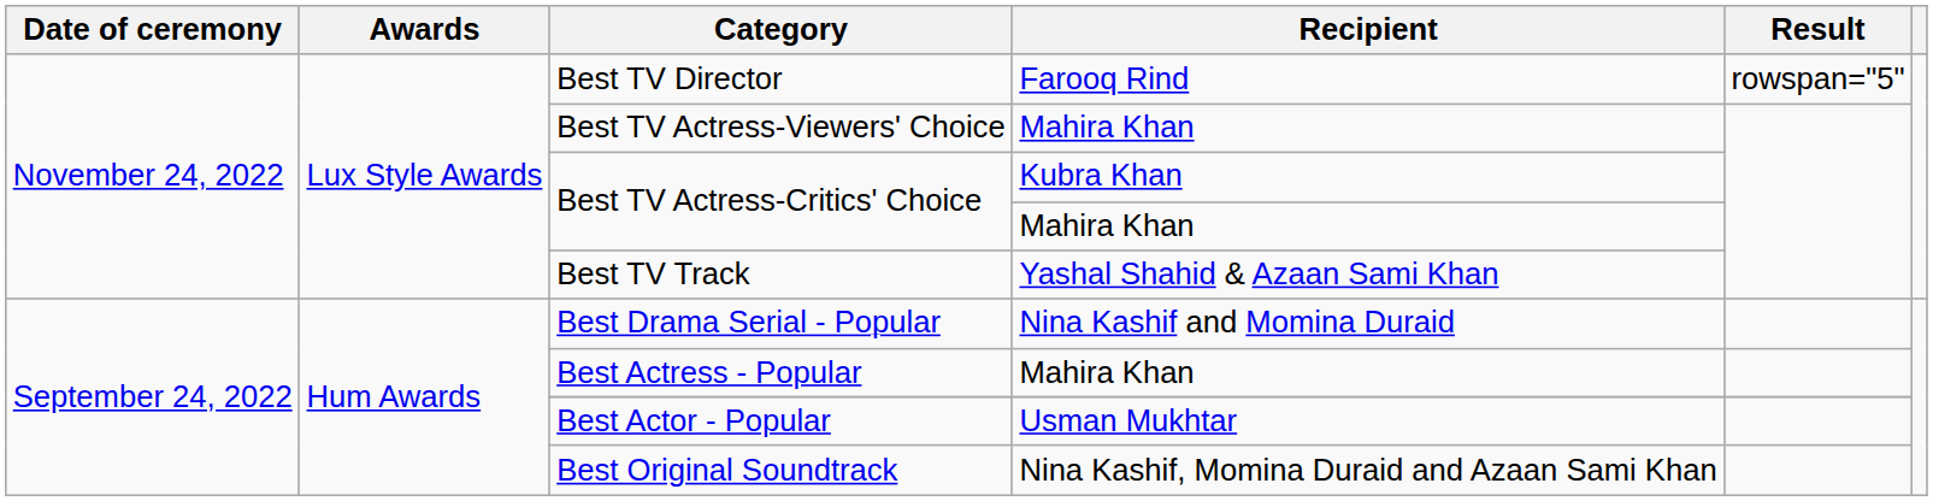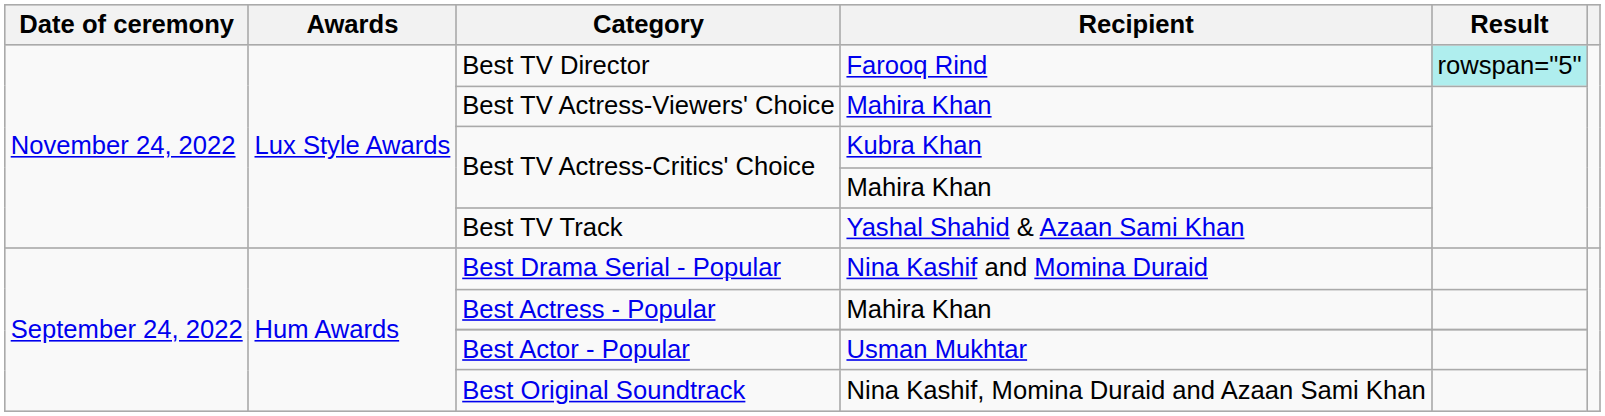 <table class="wikitable">
 <tr>
 <th>Date of ceremony</th>
 <th>Awards</th>
 <th>Category</th>
 <th>Recipient</th>
 <th>Result</th>
 <th></th>
 </tr>
 <tr>
 <td rowspan="5"><a href='#'>November 24, 2022</a></td>
 <td rowspan="5"><a href='#'>Lux Style Awards</a></td>
 <td>Best TV Director</td>
 <td><a href='#'>Farooq Rind</a></td>
-<td>rowspan="5" </td>
+<td style="background: paleturquoise;">rowspan="5" </td>
 <td rowspan="5"></td>
 </tr>
 <tr>
 <td>Best TV Actress-Viewers' Choice</td>
 <td><a href='#'>Mahira Khan</a></td>
 </tr>
 <tr>
 <td rowspan="2">Best TV Actress-Critics' Choice</td>
 <td><a href='#'>Kubra Khan</a></td>
 </tr>
 <tr>
 <td>Mahira Khan</td>
 </tr>
 <tr>
 <td>Best TV Track</td>
 <td><a href='#'>Yashal Shahid</a> & <a href='#'>Azaan Sami Khan</a></td>
 </tr>
 <tr>
 <td rowspan="5"><a href='#'>September 24, 2022</a></td>
 <td rowspan="5"><a href='#'>Hum Awards</a></td>
 <td><a href='#'>Best Drama Serial - Popular</a></td>
 <td><a href='#'>Nina Kashif</a> and <a href='#'>Momina Duraid</a></td>
 <td></td>
 <td rowspan="5"></td>
 </tr>
 <tr>
 <td><a href='#'>Best Actress - Popular</a></td>
 <td>Mahira Khan</td>
 <td></td>
 </tr>
 <tr>
 </tr>
 <tr>
 <td><a href='#'>Best Actor - Popular</a></td>
 <td><a href='#'>Usman Mukhtar</a></td>
 <td></td>
 </tr>
 <tr>
 <td><a href='#'>Best Original Soundtrack</a></td>
 <td>Nina Kashif, Momina Duraid and Azaan Sami Khan</td>
 <td></td>
 </tr>
 </table>
